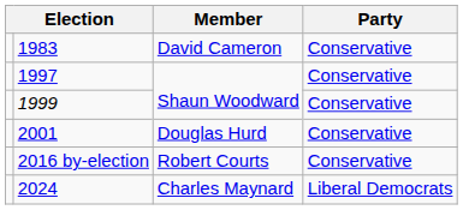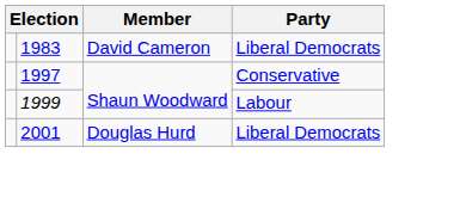 <table class="wikitable">
 <tr>
 <th colspan="2">Election</th>
 <th>Member</th>
 <th>Party</th>
 </tr>
 <tr>
 <td style="color:inherit;background-color: "></td>
 <td><a href='#'>1983</a></td>
 <td><a href='#'>David Cameron</a></td>
-<td><a href='#'>Conservative</a></td>
+<td><a href='#'>Liberal Democrats</a></td>
 </tr>
 <tr>
 <td style="color:inherit;background-color: "></td>
 <td><a href='#'>1997</a></td>
 <td rowspan="2" style="border-bottom:1px grey;" valign="middle"><br><a href='#'>Shaun Woodward</a></td>
 <td><a href='#'>Conservative</a></td>
 </tr>
 <tr>
 <td style="color:inherit;background-color: "></td>
 <td><em>1999</em></td>
-<td><a href='#'>Conservative</a></td>
+<td><a href='#'>Labour</a></td>
 </tr>
 <tr>
 <td style="color:inherit;background-color: "></td>
 <td><a href='#'>2001</a></td>
 <td><a href='#'>Douglas Hurd</a></td>
-<td><a href='#'>Conservative</a></td>
-</tr>
-<tr>
-<td style="color:inherit;background-color: "></td>
-<td><a href='#'>2016 by-election</a></td>
-<td><a href='#'>Robert Courts</a></td>
-<td><a href='#'>Conservative</a></td>
-</tr>
-<tr>
-<td style="color:inherit;background-color: "></td>
-<td><a href='#'>2024</a></td>
-<td><a href='#'>Charles Maynard</a></td>
 <td><a href='#'>Liberal Democrats</a></td>
 </tr>
 </table>
